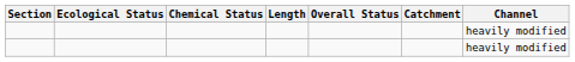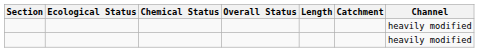 <table class="wikitable">
 <tr>
 <th>Section</th>
 <th>Ecological Status</th>
 <th>Chemical Status</th>
+<th>Overall Status</th>
 <th>Length</th>
-<th>Overall Status</th>
 <th>Catchment</th>
 <th>Channel</th>
 </tr>
 <tr>
 <td></td>
 <td></td>
 <td></td>
 <td></td>
 <td></td>
 <td></td>
 <td>heavily modified</td>
 </tr>
 <tr>
 <td></td>
 <td></td>
 <td></td>
 <td></td>
 <td></td>
 <td></td>
 <td>heavily modified</td>
 </tr>
 </table>
